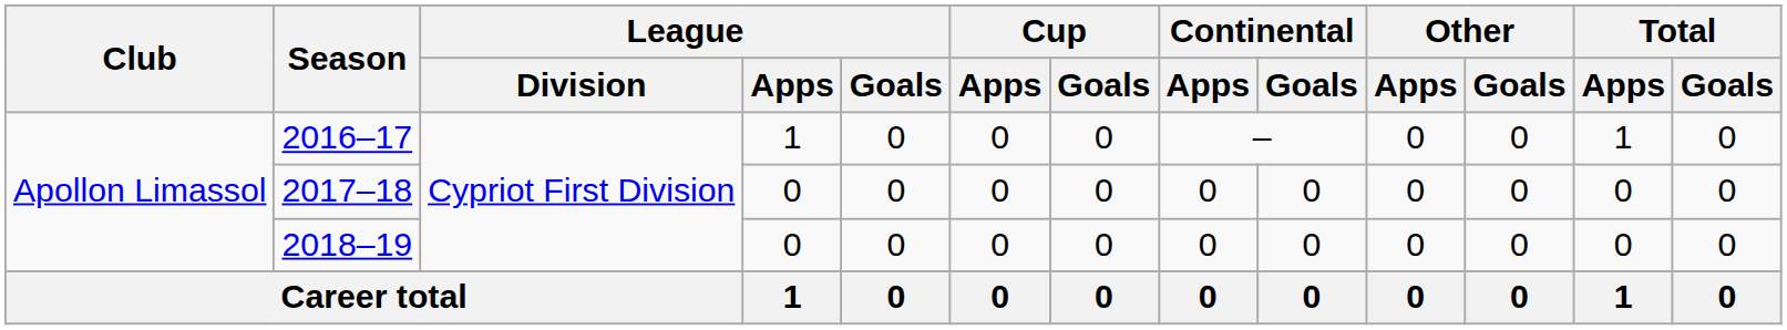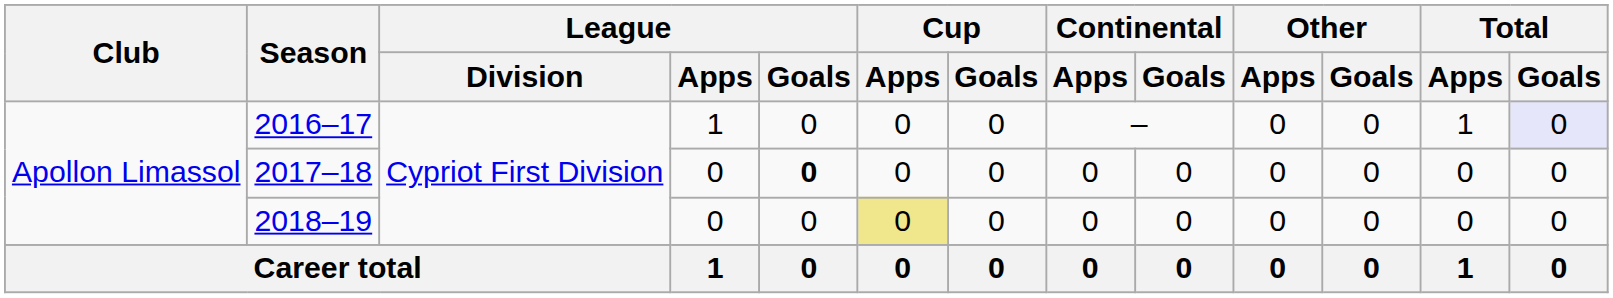 <table class="wikitable" style="text-align: center">
 <tr>
 <th rowspan="2">Club</th>
 <th rowspan="2">Season</th>
 <th colspan="3">League</th>
 <th colspan="2">Cup</th>
 <th colspan="2">Continental</th>
 <th colspan="2">Other</th>
 <th colspan="2">Total</th>
 </tr>
 <tr>
 <th>Division</th>
 <th>Apps</th>
 <th>Goals</th>
 <th>Apps</th>
 <th>Goals</th>
 <th>Apps</th>
 <th>Goals</th>
 <th>Apps</th>
 <th>Goals</th>
 <th>Apps</th>
 <th>Goals</th>
 </tr>
 <tr>
 <td rowspan="3"><a href='#'>Apollon Limassol</a></td>
 <td><a href='#'>2016–17</a></td>
 <td rowspan="3"><a href='#'>Cypriot First Division</a></td>
 <td>1</td>
 <td>0</td>
 <td>0</td>
 <td>0</td>
 <td colspan="2">–</td>
 <td>0</td>
 <td>0</td>
 <td>1</td>
-<td>0</td>
+<td style="background: lavender;">0</td>
 </tr>
 <tr>
 <td><a href='#'>2017–18</a></td>
 <td>0</td>
-<td>0</td>
+<td><strong>0</strong></td>
 <td>0</td>
 <td>0</td>
 <td>0</td>
 <td>0</td>
 <td>0</td>
 <td>0</td>
 <td>0</td>
 <td>0</td>
 </tr>
 <tr>
 <td><a href='#'>2018–19</a></td>
 <td>0</td>
 <td>0</td>
-<td>0</td>
+<td style="background: khaki;">0</td>
 <td>0</td>
 <td>0</td>
 <td>0</td>
 <td>0</td>
 <td>0</td>
 <td>0</td>
 <td>0</td>
 </tr>
 <tr>
 <th colspan=3>Career total</th>
 <th>1</th>
 <th>0</th>
 <th>0</th>
 <th>0</th>
 <th>0</th>
 <th>0</th>
 <th>0</th>
 <th>0</th>
 <th>1</th>
 <th>0</th>
 </tr>
 </table>
